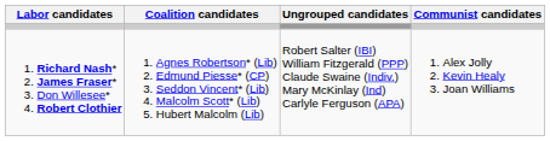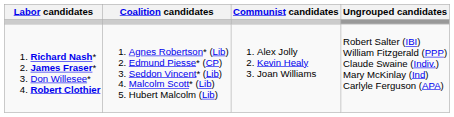 <table class="wikitable">
 <tr>
 <th><a href='#'>Labor</a> candidates</th>
 <th><a href='#'>Coalition</a> candidates</th>
+<th><a href='#'>Communist</a> candidates</th>
 <th>Ungrouped candidates</th>
-<th><a href='#'>Communist</a> candidates</th>
 </tr>
 <tr bgcolor="#cccccc">
 <td></td>
 <td></td>
+<td></td>
 <td bgcolor="#999999"></td>
-<td></td>
 </tr>
 <tr>
 <td><br><ol><li><strong><a href='#'>Richard Nash</a></strong>*</li><li><strong><a href='#'>James Fraser</a></strong>*</li><li><a href='#'>Don Willesee</a>*</li><li><strong><a href='#'>Robert Clothier</a></strong></li></ol></td>
 <td><br><ol><li><a href='#'>Agnes Robertson</a>* (<a href='#'>Lib</a>)</li><li><a href='#'>Edmund Piesse</a>* (<a href='#'>CP</a>)</li><li><a href='#'>Seddon Vincent</a>* (<a href='#'>Lib</a>)</li><li><a href='#'>Malcolm Scott</a>* (<a href='#'>Lib</a>)</li><li>Hubert Malcolm (<a href='#'>Lib</a>)</li></ol></td>
+<td valign=top><br><ol><li>Alex Jolly</li><li><a href='#'>Kevin Healy</a></li><li>Joan Williams</li></ol></td>
 <td valign=top><br>Robert Salter (<a href='#'>IBI</a>)<br> William Fitzgerald (<a href='#'>PPP</a>)<br> Claude Swaine (<a href='#'>Indiv.</a>)<br> Mary McKinlay (<a href='#'>Ind</a>)<br> Carlyle Ferguson (<a href='#'>APA</a>)</td>
-<td valign=top><br><ol><li>Alex Jolly</li><li><a href='#'>Kevin Healy</a></li><li>Joan Williams</li></ol></td>
 </tr>
 </table>
